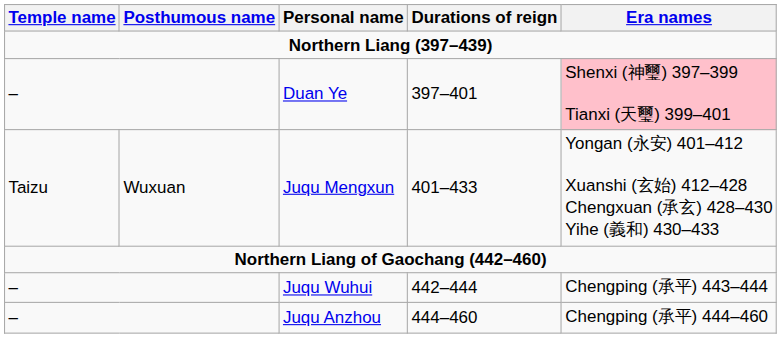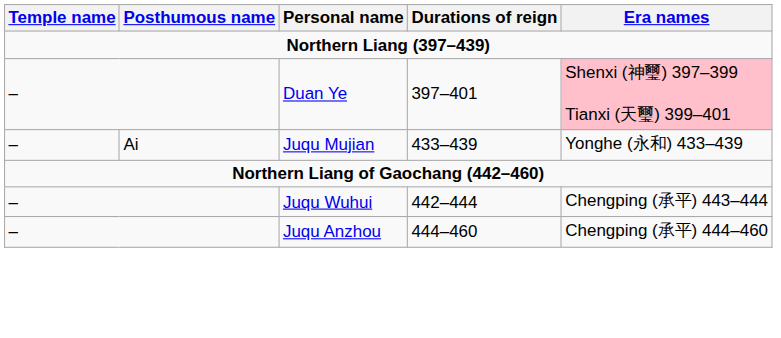 <table class="wikitable">
 <tr>
 <th><a href='#'>Temple name</a></th>
 <th><a href='#'>Posthumous name</a></th>
 <th>Personal name</th>
 <th>Durations of reign</th>
 <th><a href='#'>Era names</a></th>
 </tr>
 <tr>
 <td colspan=5 align="center"><strong>Northern Liang (397–439)</strong></td>
 </tr>
 <tr>
 <td colspan=2>–</td>
 <td><a href='#'>Duan Ye</a></td>
 <td>397–401</td>
 <td style="background: pink;">Shenxi (神璽) 397–399<br><br>Tianxi (天璽) 399–401</td>
 </tr>
 <tr>
-<td>Taizu</td>
-<td>Wuxuan</td>
-<td><a href='#'>Juqu Mengxun</a></td>
-<td>401–433</td>
-<td>Yongan (永安) 401–412<br><br>Xuanshi (玄始) 412–428<br> Chengxuan (承玄) 428–430<br> Yihe (義和) 430–433<br></td>
+<td>–</td>
+<td>Ai</td>
+<td><a href='#'>Juqu Mujian</a></td>
+<td>433–439</td>
+<td>Yonghe (永和) 433–439</td>
 </tr>
 <tr>
 <td colspan=5 align="center"><strong>Northern Liang of Gaochang (442–460)</strong></td>
 </tr>
 <tr>
 <td colspan=2>–</td>
 <td><a href='#'>Juqu Wuhui</a></td>
 <td>442–444</td>
 <td>Chengping (承平) 443–444</td>
 </tr>
 <tr>
 <td colspan=2>–</td>
 <td><a href='#'>Juqu Anzhou</a></td>
 <td>444–460</td>
 <td>Chengping (承平) 444–460</td>
 </tr>
 </table>
